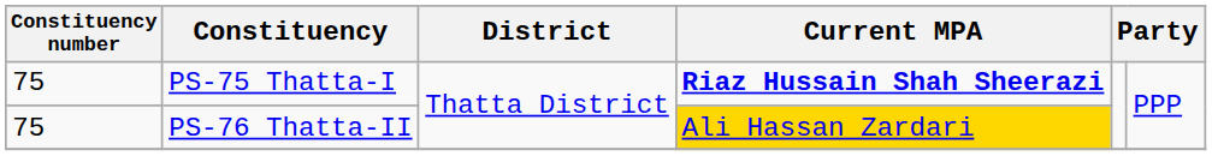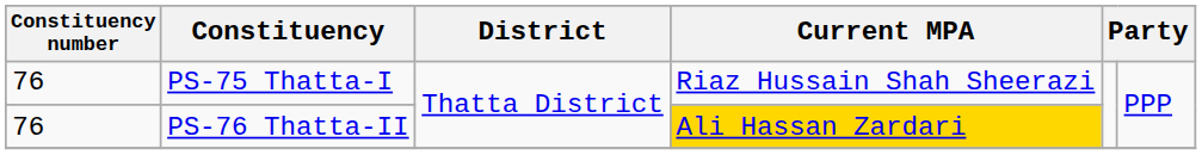 <table class="wikitable">
 <tr>
 <th width="50px" style="font-size:75%">Constituency number</th>
 <th>Constituency</th>
 <th>District</th>
 <th>Current MPA</th>
 <th colspan="2">Party</th>
 </tr>
 <tr>
-<td>75</td>
+<td>76</td>
 <td><a href='#'>PS-75 Thatta-I</a></td>
 <td rowspan="2"><a href='#'>Thatta District</a></td>
-<td><strong><a href='#'>Riaz Hussain Shah Sheerazi</a></strong></td>
+<td><a href='#'>Riaz Hussain Shah Sheerazi</a></td>
 <td rowspan="2"></td>
 <td rowspan="2"><a href='#'>PPP</a></td>
 </tr>
 <tr>
-<td>75</td>
+<td>76</td>
 <td><a href='#'>PS-76 Thatta-II</a></td>
 <td style="background: gold;"><a href='#'>Ali Hassan Zardari</a></td>
 </tr>
 <tr>
 </tr>
 </table>
